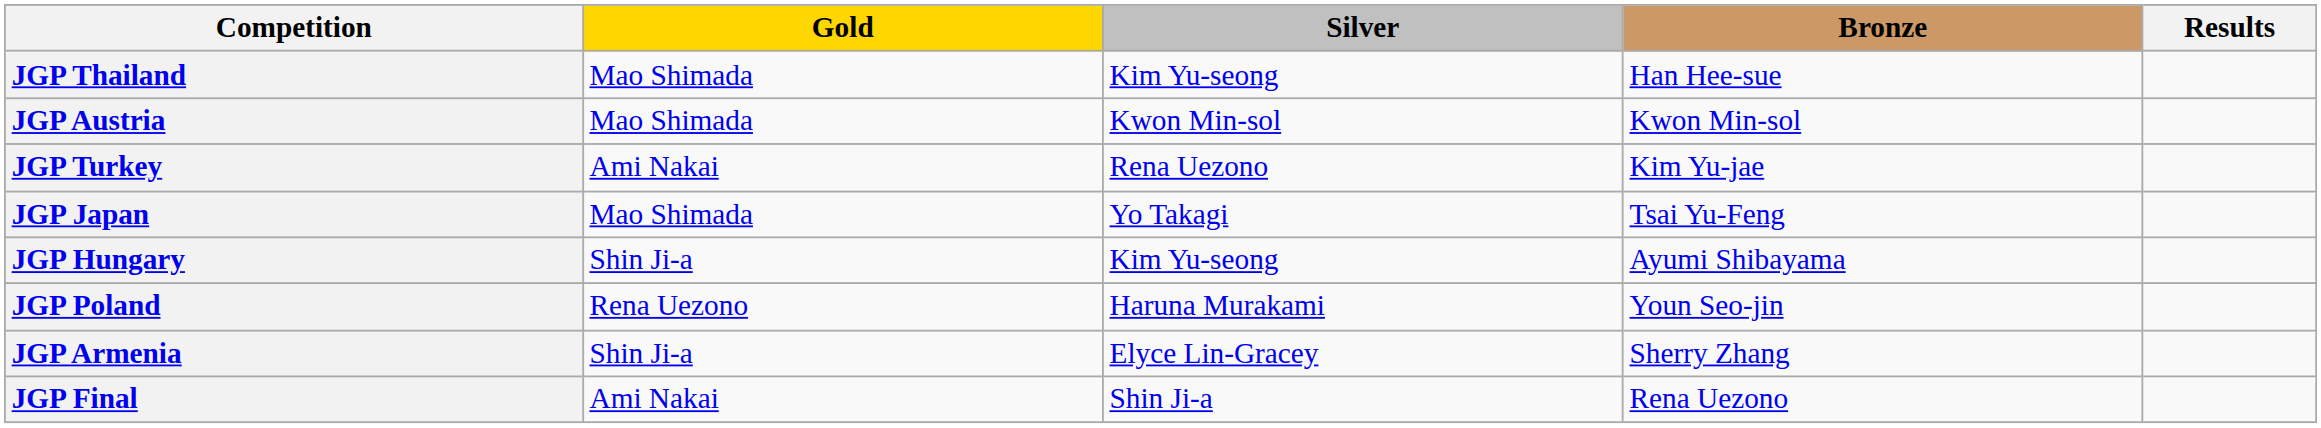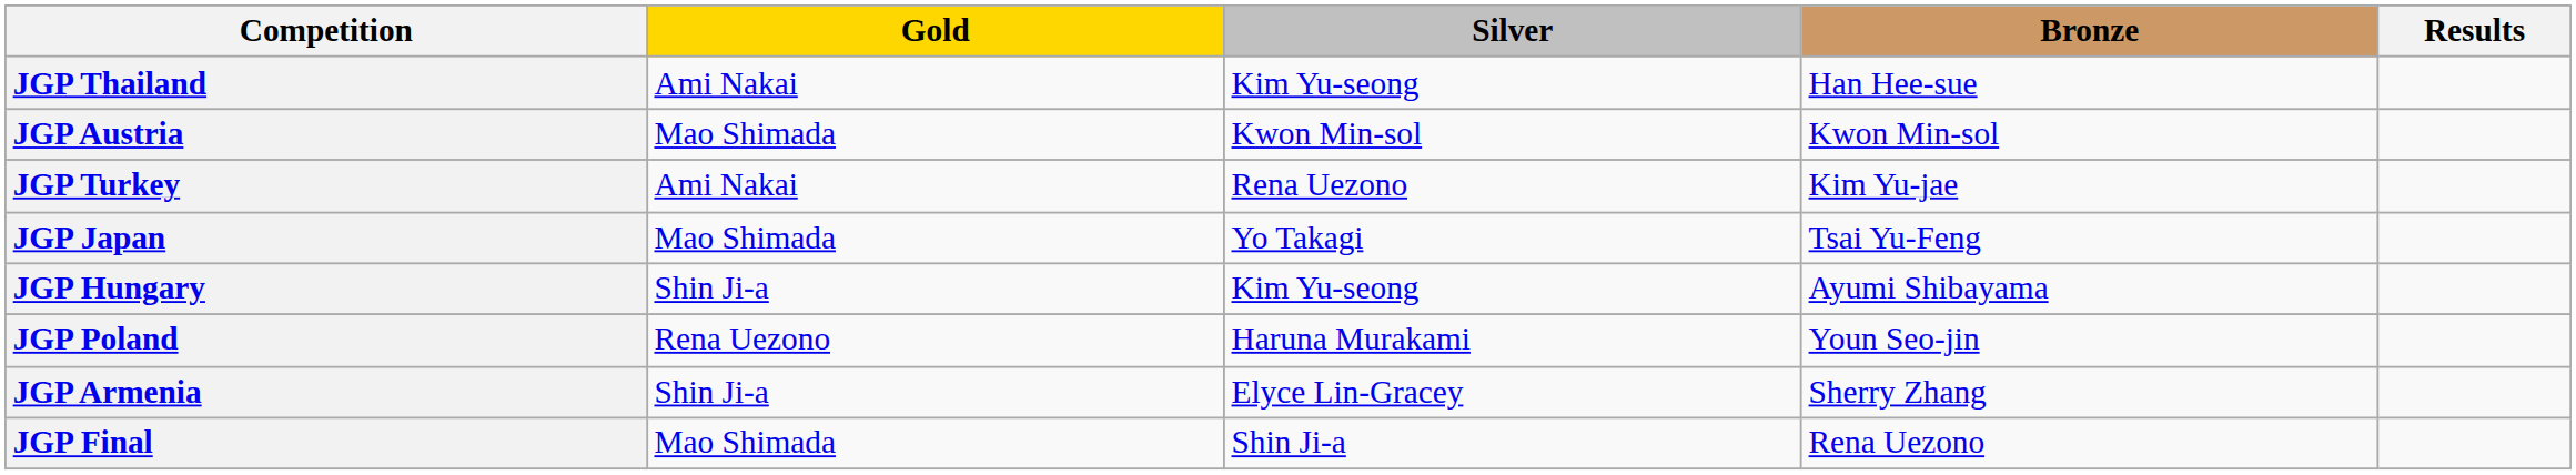 <table class="wikitable unsortable" style="text-align:left; width:100%;">
 <tr>
 <th scope="col" style="text-align:center; width:25%;">Competition</th>
 <td scope="col" style="text-align:center; width:22.5%; background:gold"><strong>Gold</strong></td>
 <td scope="col" style="text-align:center; width:22.5%; background:silver"><strong>Silver</strong></td>
 <td scope="col" style="text-align:center; width:22.5%; background:#c96"><strong>Bronze</strong></td>
 <th scope="col" style="text-align:center; width:7.5%;">Results</th>
 </tr>
 <tr>
 <th scope="row" style="text-align:left">  <a href='#'>JGP Thailand</a></th>
-<td> <a href='#'>Mao Shimada</a></td>
+<td> <a href='#'>Ami Nakai</a></td>
 <td> <a href='#'>Kim Yu-seong</a></td>
 <td> <a href='#'>Han Hee-sue</a></td>
 <td></td>
 </tr>
 <tr>
 <th scope="row" style="text-align:left"> <a href='#'>JGP Austria</a></th>
 <td> <a href='#'>Mao Shimada</a></td>
 <td> <a href='#'>Kwon Min-sol</a></td>
 <td> <a href='#'>Kwon Min-sol</a></td>
 <td></td>
 </tr>
 <tr>
 <th scope="row" style="text-align:left"> <a href='#'>JGP Turkey</a></th>
 <td> <a href='#'>Ami Nakai</a></td>
 <td> <a href='#'>Rena Uezono</a></td>
 <td> <a href='#'>Kim Yu-jae</a></td>
 <td></td>
 </tr>
 <tr>
 <th scope="row" style="text-align:left"> <a href='#'>JGP Japan</a></th>
 <td> <a href='#'>Mao Shimada</a></td>
 <td> <a href='#'>Yo Takagi</a></td>
 <td> <a href='#'>Tsai Yu-Feng</a></td>
 <td></td>
 </tr>
 <tr>
 <th scope="row" style="text-align:left"> <a href='#'>JGP Hungary</a></th>
 <td> <a href='#'>Shin Ji-a</a></td>
 <td> <a href='#'>Kim Yu-seong</a></td>
 <td> <a href='#'>Ayumi Shibayama</a></td>
 <td></td>
 </tr>
 <tr>
 <th scope="row" style="text-align:left"> <a href='#'>JGP Poland</a></th>
 <td> <a href='#'>Rena Uezono</a></td>
 <td> <a href='#'>Haruna Murakami</a></td>
 <td> <a href='#'>Youn Seo-jin</a></td>
 <td></td>
 </tr>
 <tr>
 <th scope="row" style="text-align:left"> <a href='#'>JGP Armenia</a></th>
 <td> <a href='#'>Shin Ji-a</a></td>
 <td> <a href='#'>Elyce Lin-Gracey</a></td>
 <td> <a href='#'>Sherry Zhang</a></td>
 <td></td>
 </tr>
 <tr>
 <th scope="row" style="text-align:left"> <a href='#'>JGP Final</a></th>
-<td> <a href='#'>Ami Nakai</a></td>
+<td> <a href='#'>Mao Shimada</a></td>
 <td> <a href='#'>Shin Ji-a</a></td>
 <td> <a href='#'>Rena Uezono</a></td>
 <td><br></td>
 </tr>
 </table>
